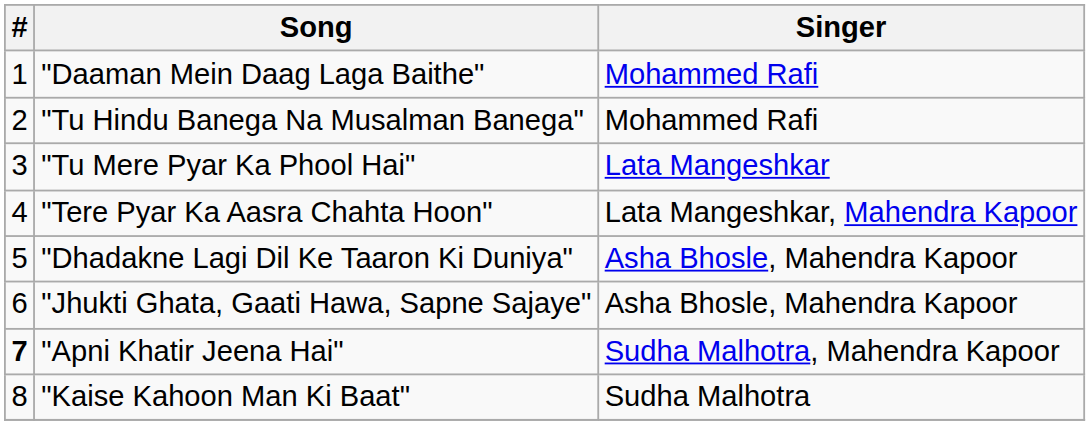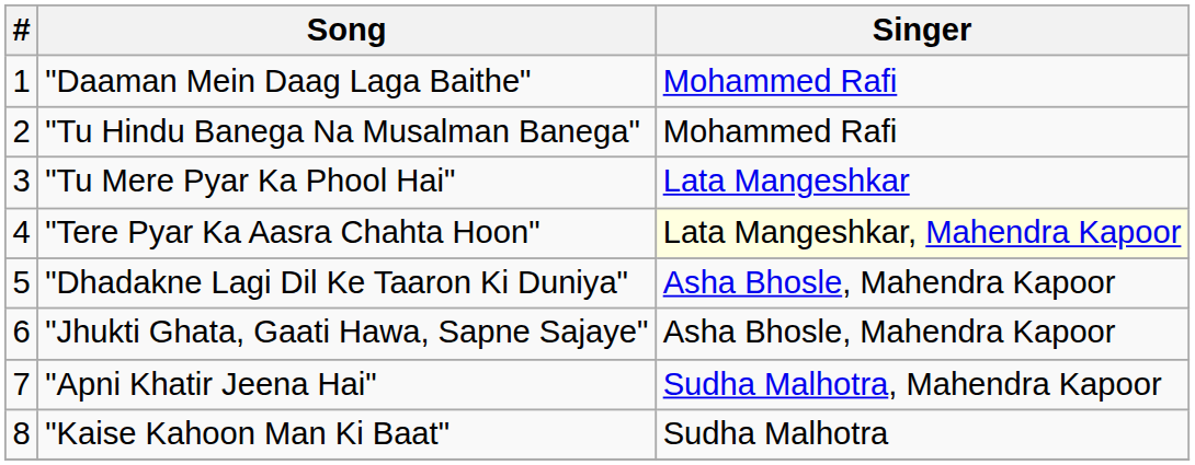 <table class="wikitable">
 <tr>
 <th>#</th>
 <th>Song</th>
 <th>Singer</th>
 </tr>
 <tr>
 <td>1</td>
 <td>"Daaman Mein Daag Laga Baithe"</td>
 <td><a href='#'>Mohammed Rafi</a></td>
 </tr>
 <tr>
 <td>2</td>
 <td>"Tu Hindu Banega Na Musalman Banega"</td>
 <td>Mohammed Rafi</td>
 </tr>
 <tr>
 <td>3</td>
 <td>"Tu Mere Pyar Ka Phool Hai"</td>
 <td><a href='#'>Lata Mangeshkar</a></td>
 </tr>
 <tr>
 <td>4</td>
 <td>"Tere Pyar Ka Aasra Chahta Hoon"</td>
-<td>Lata Mangeshkar, <a href='#'>Mahendra Kapoor</a></td>
+<td style="background: lightyellow;">Lata Mangeshkar, <a href='#'>Mahendra Kapoor</a></td>
 </tr>
 <tr>
 <td>5</td>
 <td>"Dhadakne Lagi Dil Ke Taaron Ki Duniya"</td>
 <td><a href='#'>Asha Bhosle</a>, Mahendra Kapoor</td>
 </tr>
 <tr>
 <td>6</td>
 <td>"Jhukti Ghata, Gaati Hawa, Sapne Sajaye"</td>
 <td>Asha Bhosle, Mahendra Kapoor</td>
 </tr>
 <tr>
-<td><strong>7</strong></td>
+<td>7</td>
 <td>"Apni Khatir Jeena Hai"</td>
 <td><a href='#'>Sudha Malhotra</a>, Mahendra Kapoor</td>
 </tr>
 <tr>
 <td>8</td>
 <td>"Kaise Kahoon Man Ki Baat"</td>
 <td>Sudha Malhotra</td>
 </tr>
 <tr>
 </tr>
 </table>
